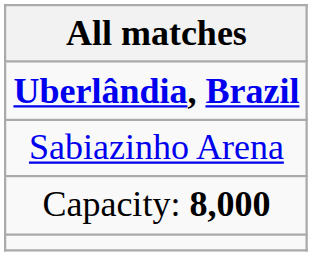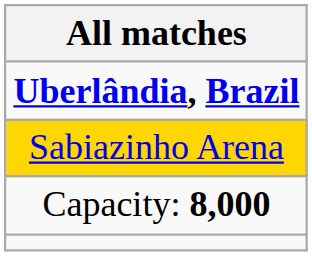 <table class="wikitable" style="text-align:center">
 <tr>
 <th>All matches</th>
 </tr>
 <tr>
 <td> <strong><a href='#'>Uberlândia</a>, <a href='#'>Brazil</a></strong></td>
 </tr>
 <tr>
-<td><a href='#'>Sabiazinho Arena</a></td>
+<td style="background: gold;"><a href='#'>Sabiazinho Arena</a></td>
 </tr>
 <tr>
 <td>Capacity: <strong>8,000</strong></td>
 </tr>
 <tr>
 <td></td>
 </tr>
 </table>
